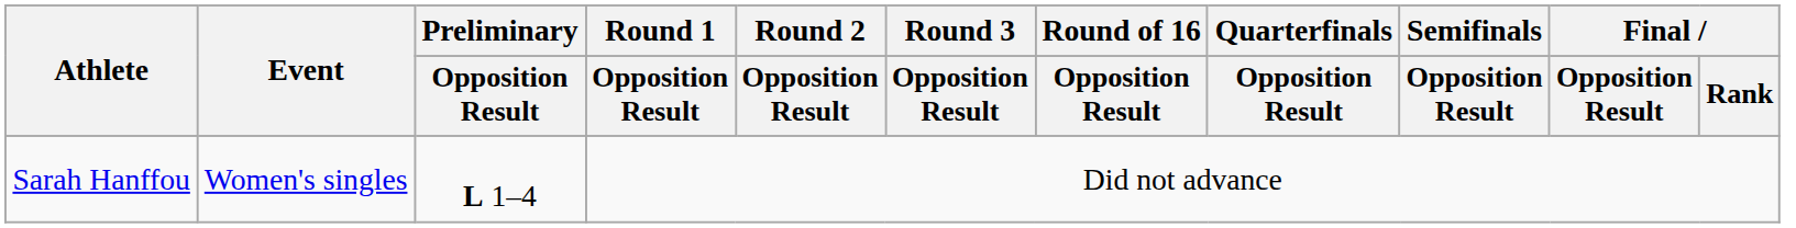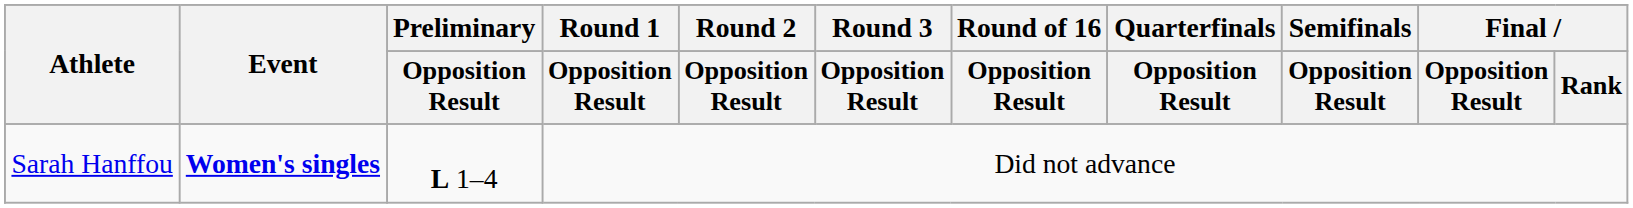 <table class="wikitable" style="font-size:90%;">
 <tr>
 <th rowspan=2>Athlete</th>
 <th rowspan=2>Event</th>
 <th>Preliminary</th>
 <th>Round 1</th>
 <th>Round 2</th>
 <th>Round 3</th>
 <th>Round of 16</th>
 <th>Quarterfinals</th>
 <th>Semifinals</th>
 <th colspan=2>Final / </th>
 </tr>
 <tr style="font-size:95%">
 <th>Opposition<br>Result</th>
 <th>Opposition<br>Result</th>
 <th>Opposition<br>Result</th>
 <th>Opposition<br>Result</th>
 <th>Opposition<br>Result</th>
 <th>Opposition<br>Result</th>
 <th>Opposition<br>Result</th>
 <th>Opposition<br>Result</th>
 <th>Rank</th>
 </tr>
 <tr align=center>
 <td align=left><a href='#'>Sarah Hanffou</a></td>
-<td align=left><a href='#'>Women's singles</a></td>
+<td align=left><strong><a href='#'>Women's singles</a></strong></td>
 <td><br><strong>L</strong> 1–4</td>
 <td colspan=8>Did not advance</td>
 </tr>
 </table>
